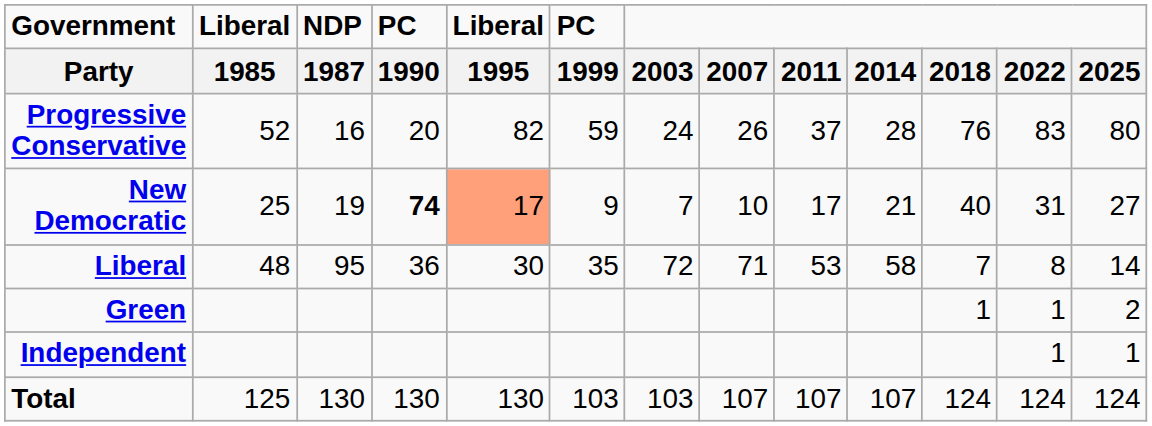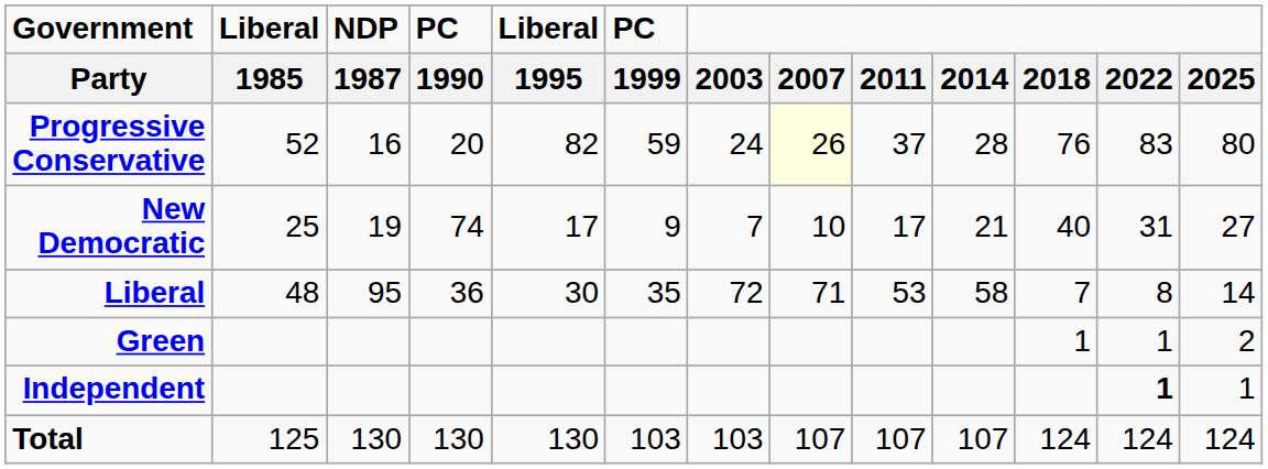 <table class="wikitable">
 <tr>
 <td><strong>Government</strong></td>
 <td><strong>Liberal</strong></td>
 <td><strong>NDP</strong></td>
 <td><strong>PC</strong></td>
 <td><strong>Liberal</strong></td>
 <td><strong>PC</strong></td>
 </tr>
 <tr>
 <th>Party</th>
 <th>1985</th>
 <th>1987</th>
 <th>1990</th>
 <th>1995</th>
 <th>1999</th>
 <th>2003</th>
 <th>2007</th>
 <th>2011</th>
 <th>2014</th>
 <th>2018</th>
 <th>2022</th>
 <th>2025</th>
 </tr>
 <tr align = "right">
 <td><strong><a href='#'>Progressive Conservative</a></strong></td>
 <td>52</td>
 <td>16</td>
 <td>20</td>
 <td>82</td>
 <td>59</td>
 <td>24</td>
-<td>26</td>
+<td style="background: lightyellow;">26</td>
 <td>37</td>
 <td>28</td>
 <td>76</td>
 <td>83</td>
 <td>80</td>
 </tr>
 <tr align = "right">
 <td><strong><a href='#'>New Democratic</a></strong></td>
 <td>25</td>
 <td>19</td>
-<td><strong>74</strong></td>
-<td style="background: lightsalmon;">17</td>
+<td>74</td>
+<td>17</td>
 <td>9</td>
 <td>7</td>
 <td>10</td>
 <td>17</td>
 <td>21</td>
 <td>40</td>
 <td>31</td>
 <td>27</td>
 </tr>
 <tr align = "right">
 <td><strong><a href='#'>Liberal</a></strong></td>
 <td>48</td>
 <td>95</td>
 <td>36</td>
 <td>30</td>
 <td>35</td>
 <td>72</td>
 <td>71</td>
 <td>53</td>
 <td>58</td>
 <td>7</td>
 <td>8</td>
 <td>14</td>
 </tr>
 <tr align = "right">
 <td><strong><a href='#'>Green</a></strong></td>
 <td></td>
 <td></td>
 <td></td>
 <td></td>
 <td></td>
 <td></td>
 <td></td>
 <td></td>
 <td></td>
 <td>1</td>
 <td>1</td>
 <td>2</td>
 </tr>
 <tr align = "right">
 <td><strong><a href='#'>Independent</a></strong></td>
 <td></td>
 <td></td>
 <td></td>
 <td></td>
 <td></td>
 <td></td>
 <td></td>
 <td></td>
 <td></td>
 <td></td>
-<td>1</td>
+<td><strong>1</strong></td>
 <td>1</td>
 </tr>
 <tr align = "right">
 <td align="left"><strong>Total</strong></td>
 <td>125</td>
 <td>130</td>
 <td>130</td>
 <td>130</td>
 <td>103</td>
 <td>103</td>
 <td>107</td>
 <td>107</td>
 <td>107</td>
 <td>124</td>
 <td>124</td>
 <td>124</td>
 </tr>
 </table>
